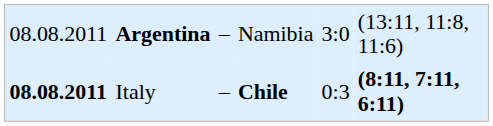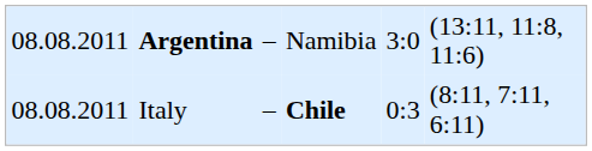 <table style="background:#; border:1px #bbb solid;" cellpadding="3" cellspacing="0" width="40%">
 <tr style="background:#DDEEFF;">
 <td>08.08.2011</td>
 <td><strong>Argentina</strong></td>
 <td>–</td>
 <td>Namibia</td>
 <td>3:0</td>
 <td>(13:11, 11:8, 11:6)</td>
 </tr>
 <tr style="background:#DDEEFF;">
-<td><strong>08.08.2011</strong></td>
+<td>08.08.2011</td>
 <td>Italy</td>
 <td>–</td>
 <td><strong>Chile</strong></td>
 <td>0:3</td>
-<td><strong>(8:11, 7:11, 6:11)</strong></td>
+<td>(8:11, 7:11, 6:11)</td>
 </tr>
 </table>
